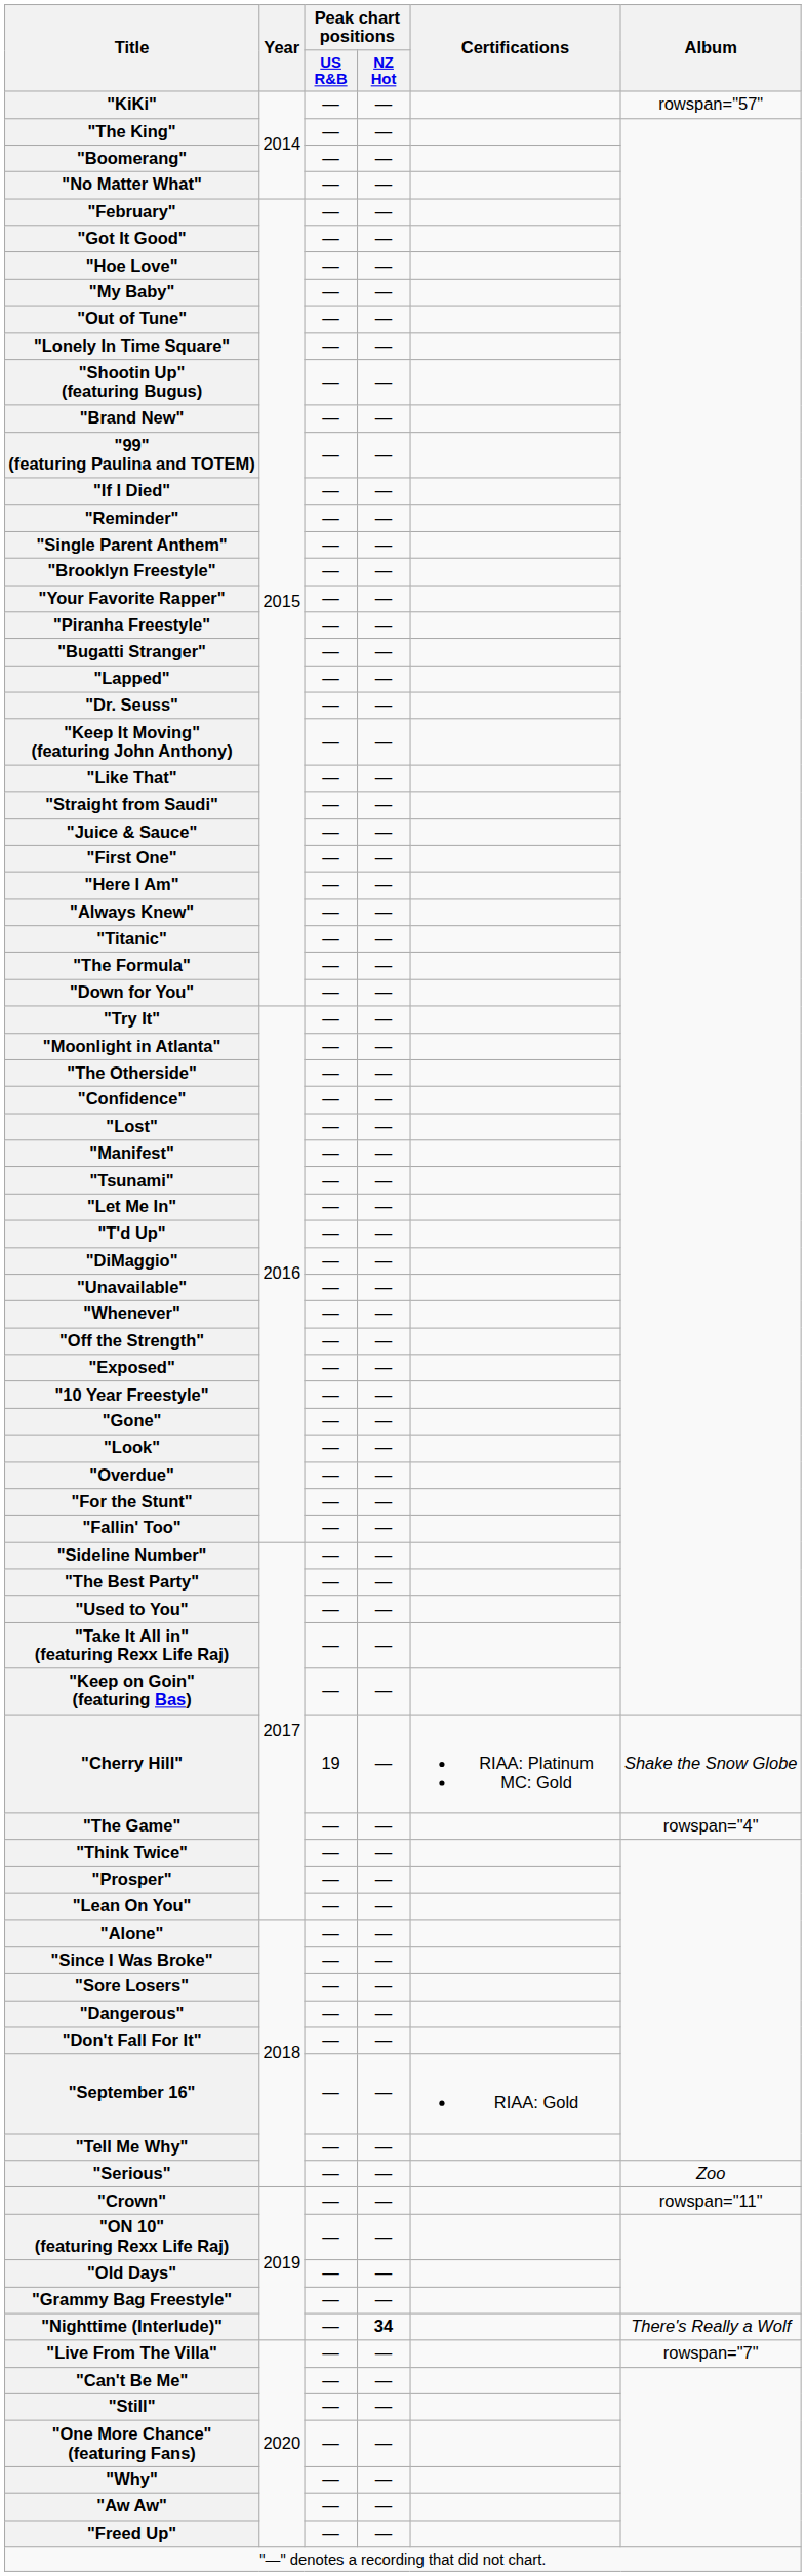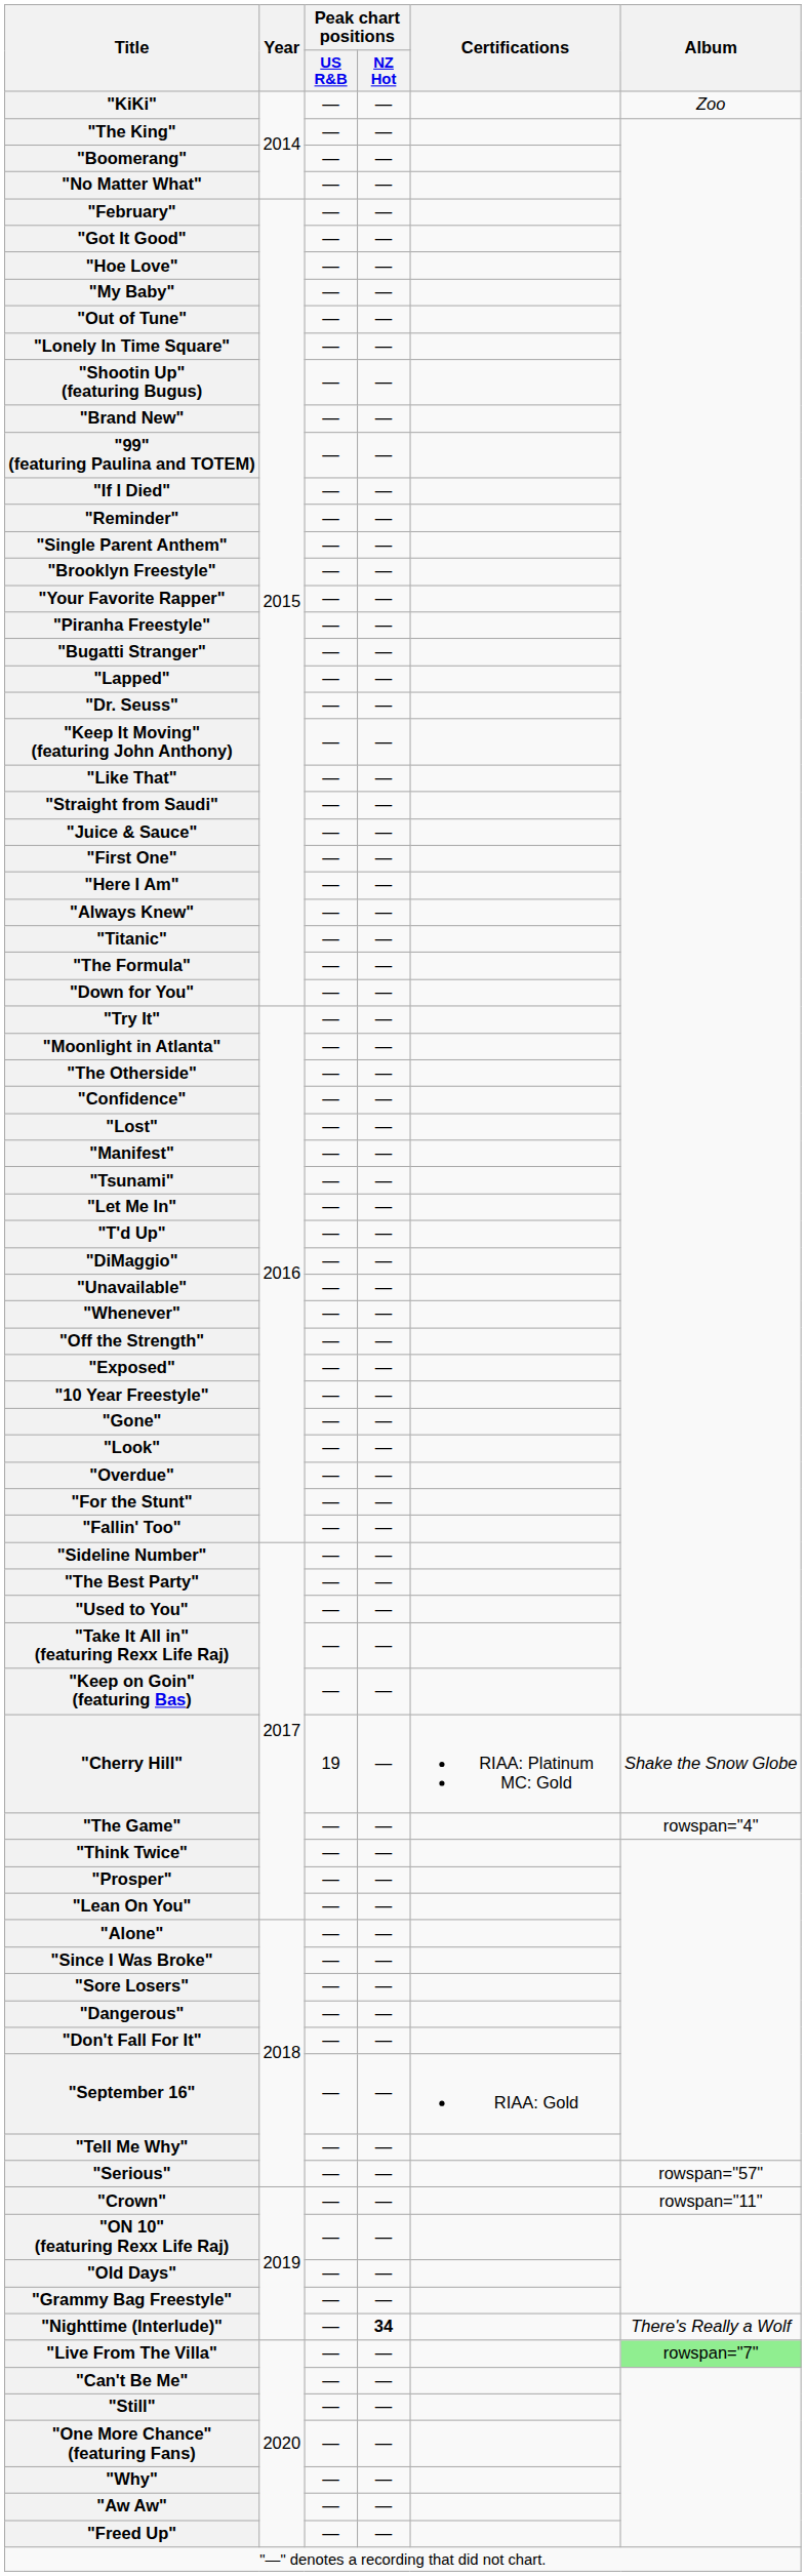 <table class="wikitable plainrowheaders" style="text-align:center;">
 <tr>
 <th scope="col" rowspan="2">Title</th>
 <th scope="col" rowspan="2">Year</th>
 <th scope="col" colspan="2">Peak chart positions</th>
 <th scope="col" rowspan="2" style="width:12em;">Certifications</th>
 <th scope="col" rowspan="2">Album</th>
 </tr>
 <tr>
 <th scope="col" style="width:3em;font-size:90%;"><a href='#'>US<br>R&B</a><br></th>
 <th scope="col" style="width:3em;font-size:90%;"><a href='#'>NZ<br>Hot</a><br></th>
 </tr>
 <tr>
 <th scope="row">"KiKi"</th>
 <td rowspan="4">2014</td>
 <td>—</td>
 <td>—</td>
 <td></td>
-<td>rowspan="57" </td>
+<td><em>Zoo</em></td>
 </tr>
 <tr>
 <th scope="row">"The King"</th>
 <td>—</td>
 <td>—</td>
 <td></td>
 </tr>
 <tr>
 <th scope="row">"Boomerang"</th>
 <td>—</td>
 <td>—</td>
 <td></td>
 </tr>
 <tr>
 <th scope="row">"No Matter What"</th>
 <td>—</td>
 <td>—</td>
 <td></td>
 </tr>
 <tr>
 <th scope="row">"February"</th>
 <td rowspan="28">2015</td>
 <td>—</td>
 <td>—</td>
 <td></td>
 </tr>
 <tr>
 <th scope="row">"Got It Good"</th>
 <td>—</td>
 <td>—</td>
 <td></td>
 </tr>
 <tr>
 <th scope="row">"Hoe Love"</th>
 <td>—</td>
 <td>—</td>
 <td></td>
 </tr>
 <tr>
 <th scope="row">"My Baby"</th>
 <td>—</td>
 <td>—</td>
 <td></td>
 </tr>
 <tr>
 <th scope="row">"Out of Tune"</th>
 <td>—</td>
 <td>—</td>
 <td></td>
 </tr>
 <tr>
 <th scope="row">"Lonely In Time Square"</th>
 <td>—</td>
 <td>—</td>
 <td></td>
 </tr>
 <tr>
 <th scope="row">"Shootin Up"<br><span>(featuring Bugus)</span></th>
 <td>—</td>
 <td>—</td>
 <td></td>
 </tr>
 <tr>
 <th scope="row">"Brand New"</th>
 <td>—</td>
 <td>—</td>
 <td></td>
 </tr>
 <tr>
 <th scope="row">"99"<br><span>(featuring Paulina and TOTEM)</span></th>
 <td>—</td>
 <td>—</td>
 <td></td>
 </tr>
 <tr>
 <th scope="row">"If I Died"</th>
 <td>—</td>
 <td>—</td>
 <td></td>
 </tr>
 <tr>
 <th scope="row">"Reminder"</th>
 <td>—</td>
 <td>—</td>
 <td></td>
 </tr>
 <tr>
 <th scope="row">"Single Parent Anthem"</th>
 <td>—</td>
 <td>—</td>
 <td></td>
 </tr>
 <tr>
 <th scope="row">"Brooklyn Freestyle"</th>
 <td>—</td>
 <td>—</td>
 <td></td>
 </tr>
 <tr>
 <th scope="row">"Your Favorite Rapper"</th>
 <td>—</td>
 <td>—</td>
 <td></td>
 </tr>
 <tr>
 <th scope="row">"Piranha Freestyle"</th>
 <td>—</td>
 <td>—</td>
 <td></td>
 </tr>
 <tr>
 <th scope="row">"Bugatti Stranger"</th>
 <td>—</td>
 <td>—</td>
 <td></td>
 </tr>
 <tr>
 <th scope="row">"Lapped"</th>
 <td>—</td>
 <td>—</td>
 <td></td>
 </tr>
 <tr>
 <th scope="row">"Dr. Seuss"</th>
 <td>—</td>
 <td>—</td>
 <td></td>
 </tr>
 <tr>
 <th scope="row">"Keep It Moving"<br><span>(featuring John Anthony)</span></th>
 <td>—</td>
 <td>—</td>
 <td></td>
 </tr>
 <tr>
 <th scope="row">"Like That"</th>
 <td>—</td>
 <td>—</td>
 <td></td>
 </tr>
 <tr>
 <th scope="row">"Straight from Saudi"</th>
 <td>—</td>
 <td>—</td>
 <td></td>
 </tr>
 <tr>
 <th scope="row">"Juice & Sauce"</th>
 <td>—</td>
 <td>—</td>
 <td></td>
 </tr>
 <tr>
 <th scope="row">"First One"</th>
 <td>—</td>
 <td>—</td>
 <td></td>
 </tr>
 <tr>
 <th scope="row">"Here I Am"</th>
 <td>—</td>
 <td>—</td>
 <td></td>
 </tr>
 <tr>
 <th scope="row">"Always Knew"</th>
 <td>—</td>
 <td>—</td>
 <td></td>
 </tr>
 <tr>
 <th scope="row">"Titanic"</th>
 <td>—</td>
 <td>—</td>
 <td></td>
 </tr>
 <tr>
 <th scope="row">"The Formula"</th>
 <td>—</td>
 <td>—</td>
 <td></td>
 </tr>
 <tr>
 <th scope="row">"Down for You"</th>
 <td>—</td>
 <td>—</td>
 <td></td>
 </tr>
 <tr>
 <th scope="row">"Try It"</th>
 <td rowspan=20>2016</td>
 <td>—</td>
 <td>—</td>
 <td></td>
 </tr>
 <tr>
 <th scope="row">"Moonlight in Atlanta"</th>
 <td>—</td>
 <td>—</td>
 <td></td>
 </tr>
 <tr>
 <th scope="row">"The Otherside"</th>
 <td>—</td>
 <td>—</td>
 <td></td>
 </tr>
 <tr>
 <th scope="row">"Confidence"</th>
 <td>—</td>
 <td>—</td>
 <td></td>
 </tr>
 <tr>
 <th scope="row">"Lost"</th>
 <td>—</td>
 <td>—</td>
 <td></td>
 </tr>
 <tr>
 <th scope="row">"Manifest"</th>
 <td>—</td>
 <td>—</td>
 <td></td>
 </tr>
 <tr>
 <th scope="row">"Tsunami"</th>
 <td>—</td>
 <td>—</td>
 <td></td>
 </tr>
 <tr>
 <th scope="row">"Let Me In"</th>
 <td>—</td>
 <td>—</td>
 <td></td>
 </tr>
 <tr>
 <th scope="row">"T'd Up"</th>
 <td>—</td>
 <td>—</td>
 <td></td>
 </tr>
 <tr>
 <th scope="row">"DiMaggio"</th>
 <td>—</td>
 <td>—</td>
 <td></td>
 </tr>
 <tr>
 <th scope="row">"Unavailable"</th>
 <td>—</td>
 <td>—</td>
 <td></td>
 </tr>
 <tr>
 <th scope="row">"Whenever"</th>
 <td>—</td>
 <td>—</td>
 <td></td>
 </tr>
 <tr>
 <th scope="row">"Off the Strength"</th>
 <td>—</td>
 <td>—</td>
 <td></td>
 </tr>
 <tr>
 <th scope="row">"Exposed"</th>
 <td>—</td>
 <td>—</td>
 <td></td>
 </tr>
 <tr>
 <th scope="row">"10 Year Freestyle"</th>
 <td>—</td>
 <td>—</td>
 <td></td>
 </tr>
 <tr>
 <th scope="row">"Gone"</th>
 <td>—</td>
 <td>—</td>
 <td></td>
 </tr>
 <tr>
 <th scope="row">"Look"</th>
 <td>—</td>
 <td>—</td>
 <td></td>
 </tr>
 <tr>
 <th scope="row">"Overdue"</th>
 <td>—</td>
 <td>—</td>
 <td></td>
 </tr>
 <tr>
 <th scope="row">"For the Stunt"</th>
 <td>—</td>
 <td>—</td>
 <td></td>
 </tr>
 <tr>
 <th scope="row">"Fallin' Too"</th>
 <td>—</td>
 <td>—</td>
 <td></td>
 </tr>
 <tr>
 <th scope="row">"Sideline Number"</th>
 <td rowspan=10>2017</td>
 <td>—</td>
 <td>—</td>
 <td></td>
 </tr>
 <tr>
 <th scope="row">"The Best Party"</th>
 <td>—</td>
 <td>—</td>
 <td></td>
 </tr>
 <tr>
 <th scope="row">"Used to You"</th>
 <td>—</td>
 <td>—</td>
 <td></td>
 </tr>
 <tr>
 <th scope="row">"Take It All in"<br><span>(featuring Rexx Life Raj)</span></th>
 <td>—</td>
 <td>—</td>
 <td></td>
 </tr>
 <tr>
 <th scope="row">"Keep on Goin"<br><span>(featuring <a href='#'>Bas</a>)</span></th>
 <td>—</td>
 <td>—</td>
 <td></td>
 </tr>
 <tr>
 <th scope="row">"Cherry Hill"</th>
 <td>19</td>
 <td>—</td>
 <td><br><ul><li>RIAA: Platinum</li><li>MC: Gold</li></ul></td>
 <td><em>Shake the Snow Globe</em></td>
 </tr>
 <tr>
 <th scope="row">"The Game"</th>
 <td>—</td>
 <td>—</td>
 <td></td>
 <td>rowspan="4" </td>
 </tr>
 <tr>
 <th scope="row">"Think Twice"</th>
 <td>—</td>
 <td>—</td>
 <td></td>
 </tr>
 <tr>
 <th scope="row">"Prosper"</th>
 <td>—</td>
 <td>—</td>
 <td></td>
 </tr>
 <tr>
 <th scope="row">"Lean On You"</th>
 <td>—</td>
 <td>—</td>
 <td></td>
 </tr>
 <tr>
 <th scope="row">"Alone"</th>
 <td rowspan="8">2018</td>
 <td>—</td>
 <td>—</td>
 <td></td>
 </tr>
 <tr>
 <th scope="row">"Since I Was Broke"</th>
 <td>—</td>
 <td>—</td>
 <td></td>
 </tr>
 <tr>
 <th scope="row">"Sore Losers"</th>
 <td>—</td>
 <td>—</td>
 <td></td>
 </tr>
 <tr>
 <th scope="row">"Dangerous"</th>
 <td>—</td>
 <td>—</td>
 <td></td>
 </tr>
 <tr>
 <th scope="row">"Don't Fall For It"</th>
 <td>—</td>
 <td>—</td>
 <td></td>
 </tr>
 <tr>
 <th scope="row">"September 16"</th>
 <td>—</td>
 <td>—</td>
 <td><br><ul><li>RIAA: Gold</li></ul></td>
 </tr>
 <tr>
 <th scope="row">"Tell Me Why"</th>
 <td>—</td>
 <td>—</td>
 <td></td>
 </tr>
 <tr>
 <th scope="row">"Serious"</th>
 <td>—</td>
 <td>—</td>
 <td></td>
-<td><em>Zoo</em></td>
+<td>rowspan="57" </td>
 </tr>
 <tr>
 <th scope="row">"Crown"</th>
 <td rowspan="5">2019</td>
 <td>—</td>
 <td>—</td>
 <td></td>
 <td>rowspan="11" </td>
 </tr>
 <tr>
 <th scope="row">"ON 10"<br><span>(featuring Rexx Life Raj)</span></th>
 <td>—</td>
 <td>—</td>
 <td></td>
 </tr>
 <tr>
 <th scope="row">"Old Days"</th>
 <td>—</td>
 <td>—</td>
 <td></td>
 </tr>
 <tr>
 <th scope="row">"Grammy Bag Freestyle"</th>
 <td>—</td>
 <td>—</td>
 <td></td>
 </tr>
 <tr>
 <th scope="row">"Nighttime (Interlude)"</th>
 <td>—</td>
 <td><strong>34</strong></td>
 <td></td>
 <td><em>There's Really a Wolf</em></td>
 </tr>
 <tr>
 <th scope="row">"Live From The Villa"</th>
 <td rowspan="7">2020</td>
 <td>—</td>
 <td>—</td>
 <td></td>
-<td>rowspan="7" </td>
+<td style="background: lightgreen;">rowspan="7" </td>
 </tr>
 <tr>
 <th scope="row">"Can't Be Me"</th>
 <td>—</td>
 <td>—</td>
 <td></td>
 </tr>
 <tr>
 <th scope="row">"Still"</th>
 <td>—</td>
 <td>—</td>
 <td></td>
 </tr>
 <tr>
 <th scope="row">"One More Chance"<br><span>(featuring Fans)</span></th>
 <td>—</td>
 <td>—</td>
 <td></td>
 </tr>
 <tr>
 <th scope="row">"Why"</th>
 <td>—</td>
 <td>—</td>
 <td></td>
 </tr>
 <tr>
 <th scope="row">"Aw Aw"</th>
 <td>—</td>
 <td>—</td>
 <td></td>
 </tr>
 <tr>
 <th scope="row">"Freed Up"</th>
 <td>—</td>
 <td>—</td>
 <td></td>
 </tr>
 <tr>
 <td colspan="6" style="font-size:90%">"—" denotes a recording that did not chart.</td>
 </tr>
 </table>
